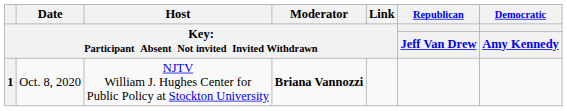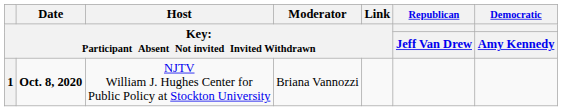 <table class="wikitable" style="text-align:center;">
 <tr>
 <th scope="col"></th>
 <th scope="col">Date</th>
 <th scope="col">Host</th>
 <th scope="col">Moderator</th>
 <th scope="col">Link</th>
 <th scope="col"><small><a href='#'>Republican</a></small></th>
 <th scope="col"><small><a href='#'>Democratic</a></small></th>
 </tr>
 <tr>
 <th colspan="5" rowspan="2">Key:<br> <small>Participant </small>  <small>Absent </small>  <small>Not invited </small>  <small>Invited  Withdrawn</small></th>
 <th scope="col" style="background:"></th>
 <th scope="col" style="background:"></th>
 </tr>
 <tr>
 <th scope="col"><a href='#'>Jeff Van Drew</a></th>
 <th scope="col"><a href='#'>Amy Kennedy</a></th>
 </tr>
 <tr>
 <th>1</th>
-<td style="white-space:nowrap;">Oct. 8, 2020</td>
+<td style="white-space:nowrap;"><strong>Oct. 8, 2020</strong></td>
 <td style="white-space:nowrap;"><a href='#'>NJTV</a><br>William J. Hughes Center for<br>Public Policy at <a href='#'>Stockton University</a></td>
-<td style="white-space:nowrap;"><strong>Briana Vannozzi</strong></td>
+<td style="white-space:nowrap;">Briana Vannozzi</td>
 <td style="white-space:nowrap;"></td>
 <td></td>
 <td></td>
 </tr>
 </table>
